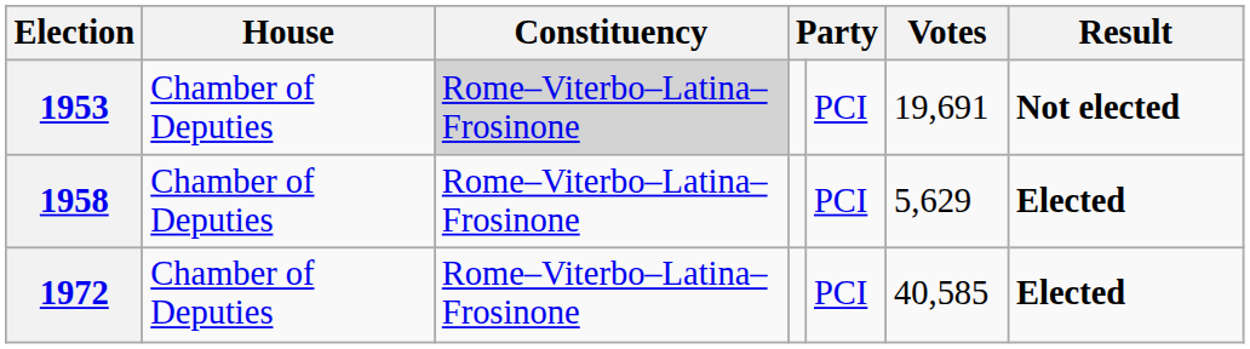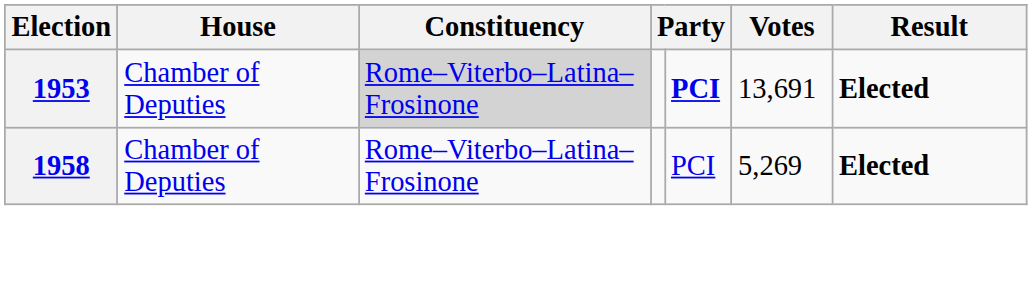 <table class=wikitable style="width:65%; border:1px #AAAAFF solid">
 <tr>
 <th width=10%>Election</th>
 <th width=25%>House</th>
 <th width=30%>Constituency</th>
 <th width=5% colspan="2">Party</th>
 <th width=10%>Votes</th>
 <th width=20%>Result</th>
 </tr>
 <tr>
 <th><a href='#'>1953</a></th>
 <td><a href='#'>Chamber of Deputies</a></td>
 <td style="background: lightgrey;"><a href='#'>Rome–Viterbo–Latina–Frosinone</a></td>
 <td></td>
-<td><a href='#'>PCI</a></td>
-<td>19,691</td>
-<td> <strong>Not elected</strong></td>
+<td><strong><a href='#'>PCI</a></strong></td>
+<td>13,691</td>
+<td> <strong>Elected</strong></td>
 </tr>
 <tr>
 <th><a href='#'>1958</a></th>
 <td><a href='#'>Chamber of Deputies</a></td>
 <td><a href='#'>Rome–Viterbo–Latina–Frosinone</a></td>
 <td></td>
 <td><a href='#'>PCI</a></td>
-<td>5,629</td>
-<td> <strong>Elected</strong></td>
-</tr>
-<tr>
-<th><a href='#'>1972</a></th>
-<td><a href='#'>Chamber of Deputies</a></td>
-<td><a href='#'>Rome–Viterbo–Latina–Frosinone</a></td>
-<td></td>
-<td><a href='#'>PCI</a></td>
-<td>40,585</td>
+<td>5,269</td>
 <td> <strong>Elected</strong></td>
 </tr>
 </table>
